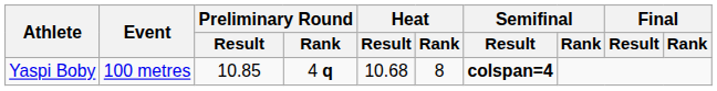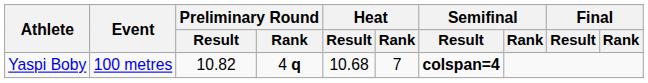 <table class="wikitable" style="font-size:90%">
 <tr>
 <th rowspan="2">Athlete</th>
 <th rowspan="2">Event</th>
 <th colspan="2">Preliminary Round</th>
 <th colspan="2">Heat</th>
 <th colspan="2">Semifinal</th>
 <th colspan="2">Final</th>
 </tr>
 <tr style="font-size:95%">
 <th>Result</th>
 <th>Rank</th>
 <th>Result</th>
 <th>Rank</th>
 <th>Result</th>
 <th>Rank</th>
 <th>Result</th>
 <th>Rank</th>
 </tr>
 <tr style=text-align:center>
 <td style=text-align:left><a href='#'>Yaspi Boby</a></td>
 <td style=text-align:left><a href='#'>100 metres</a></td>
-<td>10.85</td>
+<td>10.82</td>
 <td>4 <strong>q</strong></td>
 <td>10.68</td>
-<td>8</td>
+<td>7</td>
 <td><strong>colspan=4 </strong></td>
 </tr>
 </table>
